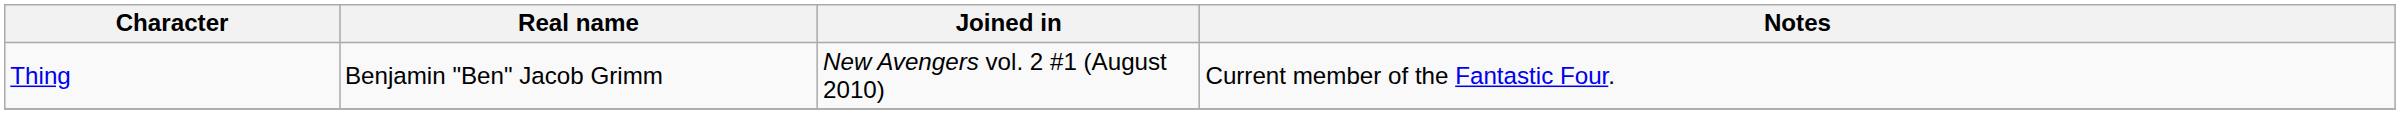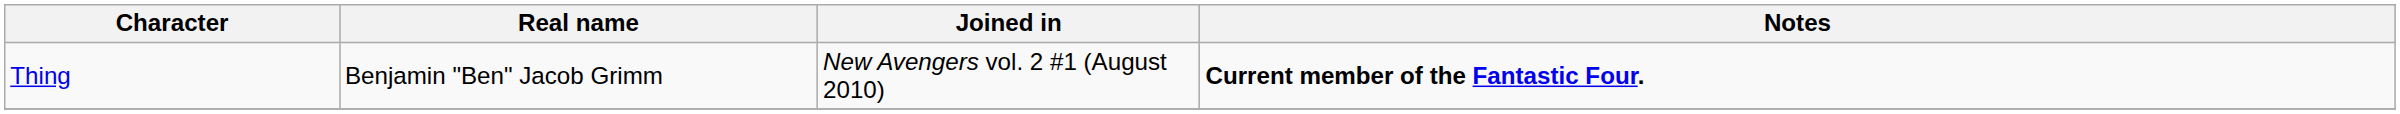 <table class="wikitable" width=100%>
 <tr>
 <th width=14%>Character</th>
 <th width=20%>Real name</th>
 <th width=16%>Joined in</th>
 <th>Notes</th>
 </tr>
 <tr>
 <td><a href='#'>Thing</a></td>
 <td>Benjamin "Ben" Jacob Grimm</td>
 <td><em>New Avengers</em> vol. 2 #1 (August 2010)</td>
-<td>Current member of the <a href='#'>Fantastic Four</a>.</td>
+<td><strong>Current member of the <a href='#'>Fantastic Four</a>.</strong></td>
 </tr>
 <tr>
 </tr>
 </table>
